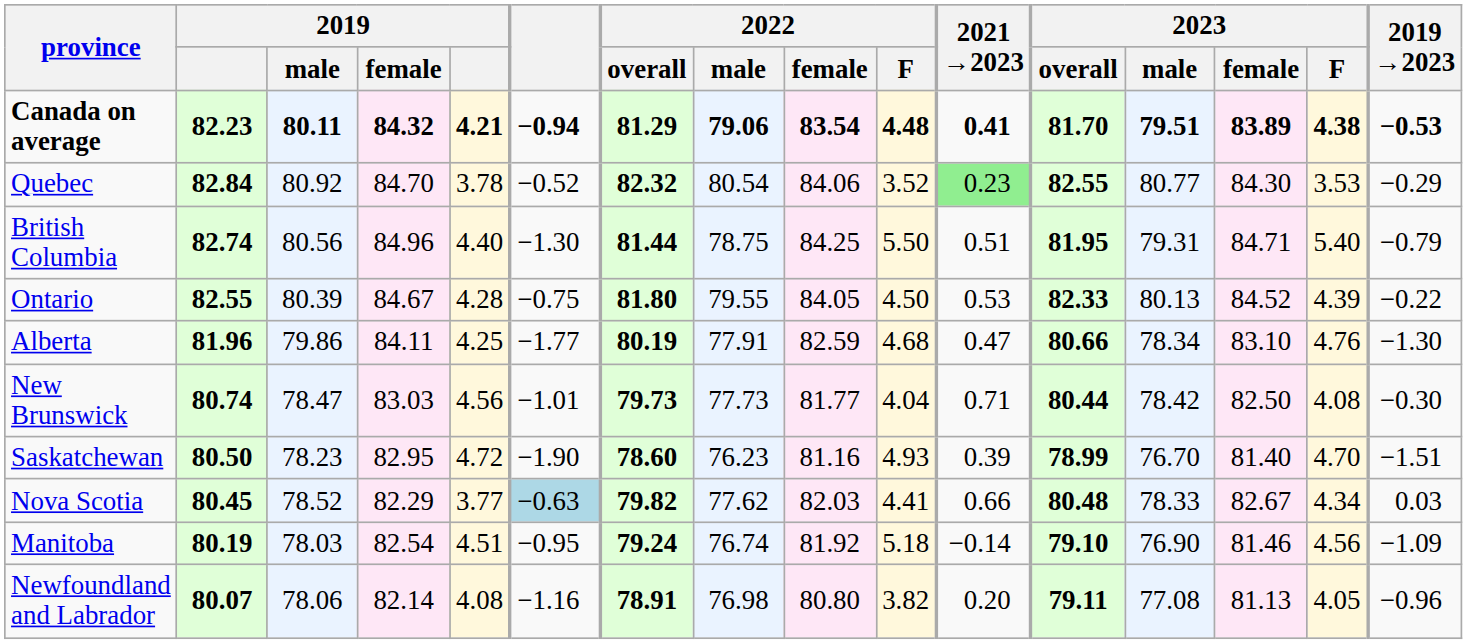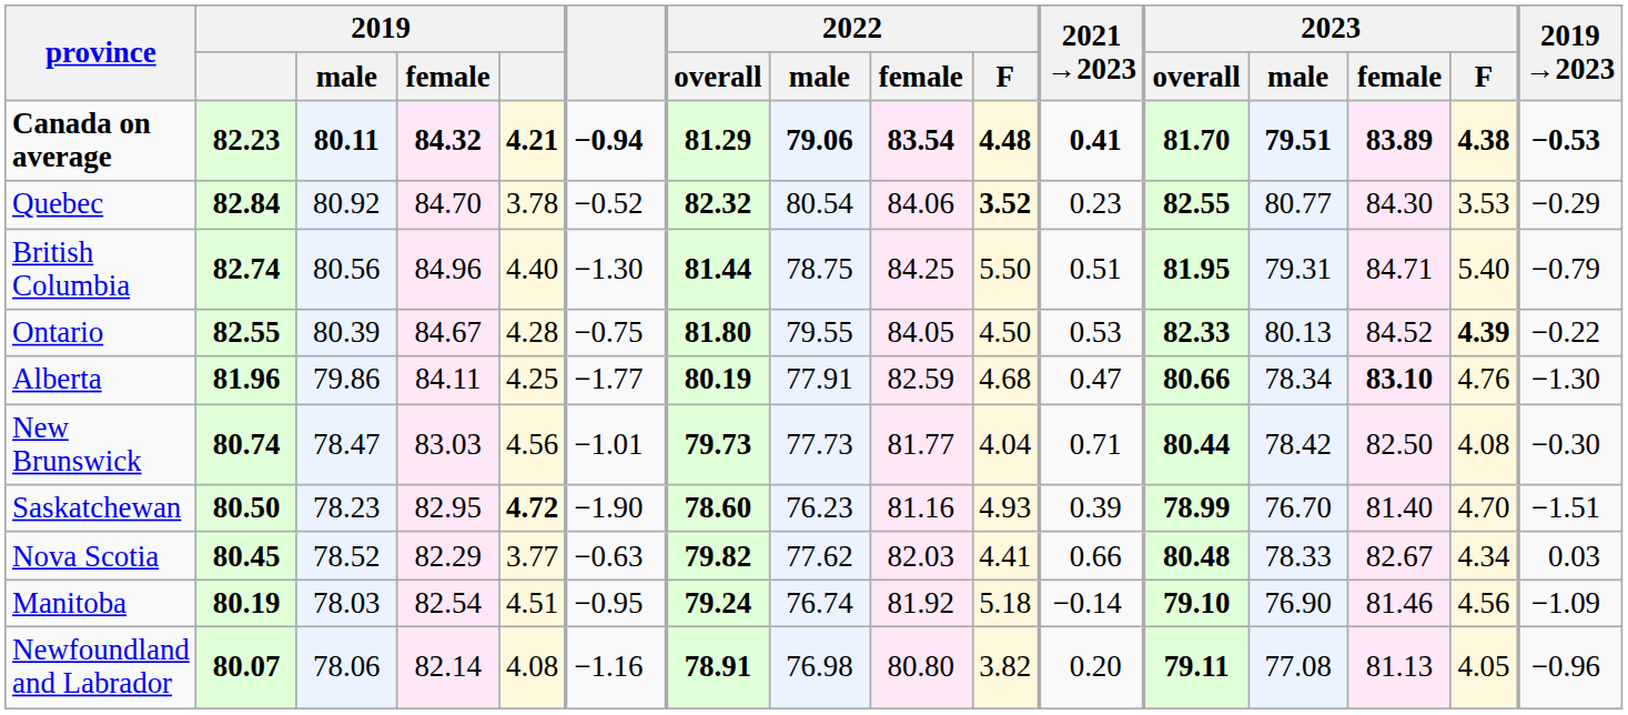 <table class="wikitable sortable static-row-numbers sort-under" style="text-align:right;">
 <tr class="static-row-header" style="text-align:center;vertical-align:bottom;">
 <th rowspan=2 style="vertical-align:middle;"><a href='#'>province</a></th>
 <th colspan=4>2019</th>
 <th rowspan=2 style="vertical-align:middle;border-left-width:2px;"></th>
 <th colspan=4 style="border-left-width:2px;">2022</th>
 <th rowspan=2 style="vertical-align:middle;border-left-width:2px;">2021<br>→2023</th>
 <th colspan=4 style="border-left-width:2px;">2023</th>
 <th rowspan=2 style="vertical-align:middle;border-left-width:2px;">2019<br>→2023</th>
 </tr>
 <tr class="static-row-header" style="text-align:center;vertical-align:bottom;">
 <th style="vertical-align:middle;width:3em;"></th>
 <th style="vertical-align:middle;width:3em;">male</th>
 <th style="vertical-align:middle;width:3em;">female</th>
 <th></th>
 <th style="vertical-align:middle;width:3em;border-left-width:2px;">overall</th>
 <th style="vertical-align:middle;width:3em;">male</th>
 <th style="vertical-align:middle;width:3em;">female</th>
 <th>F </th>
 <th style="vertical-align:middle;width:3em;border-left-width:2px;">overall</th>
 <th style="vertical-align:middle;width:3em;">male</th>
 <th style="vertical-align:middle;width:3em;">female</th>
 <th>F </th>
 </tr>
 <tr class=static-row-header>
 <td style="text-align:left;"><strong>Canada on average</strong></td>
 <td style="text-align:center;background:#e0ffd8;"><strong>82.23</strong></td>
 <td style="text-align:center;background:#eaf3ff;"><strong>80.11</strong></td>
 <td style="text-align:center;background:#fee7f6;"><strong>84.32</strong></td>
 <td style="text-align:center;background:#fff8dc;"><strong>4.21</strong></td>
 <td style="padding-right:1.5ex;border-left-width:2px;"><strong>−0.94</strong></td>
 <td style="text-align:center;background:#e0ffd8;border-left-width:2px;"><strong>81.29</strong></td>
 <td style="text-align:center;background:#eaf3ff;"><strong>79.06</strong></td>
 <td style="text-align:center;background:#fee7f6;"><strong>83.54</strong></td>
 <td style="text-align:center;background:#fff8dc;"><strong>4.48</strong></td>
 <td style="padding-right:1.5ex;border-left-width:2px;"><strong>0.41</strong></td>
 <td style="text-align:center;background:#e0ffd8;border-left-width:2px;"><strong>81.70</strong></td>
 <td style="text-align:center;background:#eaf3ff;"><strong>79.51</strong></td>
 <td style="text-align:center;background:#fee7f6;"><strong>83.89</strong></td>
 <td style="text-align:center;background:#fff8dc;"><strong>4.38</strong></td>
 <td style="padding-right:1.5ex;border-left-width:2px;"><strong>−0.53</strong></td>
 </tr>
 <tr>
 <td style="text-align:left;"><a href='#'>Quebec</a></td>
 <td style="text-align:center;background:#e0ffd8;"><strong>82.84</strong></td>
 <td style="text-align:center;background:#eaf3ff;">80.92</td>
 <td style="text-align:center;background:#fee7f6;">84.70</td>
 <td style="text-align:center;background:#fff8dc;">3.78</td>
 <td style="padding-right:1.5ex;border-left-width:2px;">−0.52</td>
 <td style="text-align:center;background:#e0ffd8;border-left-width:2px;"><strong>82.32</strong></td>
 <td style="text-align:center;background:#eaf3ff;">80.54</td>
 <td style="text-align:center;background:#fee7f6;">84.06</td>
-<td style="text-align:center;background:#fff8dc;">3.52</td>
-<td style="background: lightgreen; padding-right:1.5ex;border-left-width:2px;">0.23</td>
+<td style="text-align:center;background:#fff8dc;"><strong>3.52</strong></td>
+<td style="padding-right:1.5ex;border-left-width:2px;">0.23</td>
 <td style="text-align:center;background:#e0ffd8;border-left-width:2px;"><strong>82.55</strong></td>
 <td style="text-align:center;background:#eaf3ff;">80.77</td>
 <td style="text-align:center;background:#fee7f6;">84.30</td>
 <td style="text-align:center;background:#fff8dc;">3.53</td>
 <td style="padding-right:1.5ex;border-left-width:2px;">−0.29</td>
 </tr>
 <tr>
 <td style="text-align:left;"><a href='#'>British Columbia</a></td>
 <td style="text-align:center;background:#e0ffd8;"><strong>82.74</strong></td>
 <td style="text-align:center;background:#eaf3ff;">80.56</td>
 <td style="text-align:center;background:#fee7f6;">84.96</td>
 <td style="text-align:center;background:#fff8dc;">4.40</td>
 <td style="padding-right:1.5ex;border-left-width:2px;">−1.30</td>
 <td style="text-align:center;background:#e0ffd8;border-left-width:2px;"><strong>81.44</strong></td>
 <td style="text-align:center;background:#eaf3ff;">78.75</td>
 <td style="text-align:center;background:#fee7f6;">84.25</td>
 <td style="text-align:center;background:#fff8dc;">5.50</td>
 <td style="padding-right:1.5ex;border-left-width:2px;">0.51</td>
 <td style="text-align:center;background:#e0ffd8;border-left-width:2px;"><strong>81.95</strong></td>
 <td style="text-align:center;background:#eaf3ff;">79.31</td>
 <td style="text-align:center;background:#fee7f6;">84.71</td>
 <td style="text-align:center;background:#fff8dc;">5.40</td>
 <td style="padding-right:1.5ex;border-left-width:2px;">−0.79</td>
 </tr>
 <tr>
 <td style="text-align:left;"><a href='#'>Ontario</a></td>
 <td style="text-align:center;background:#e0ffd8;"><strong>82.55</strong></td>
 <td style="text-align:center;background:#eaf3ff;">80.39</td>
 <td style="text-align:center;background:#fee7f6;">84.67</td>
 <td style="text-align:center;background:#fff8dc;">4.28</td>
 <td style="padding-right:1.5ex;border-left-width:2px;">−0.75</td>
 <td style="text-align:center;background:#e0ffd8;border-left-width:2px;"><strong>81.80</strong></td>
 <td style="text-align:center;background:#eaf3ff;">79.55</td>
 <td style="text-align:center;background:#fee7f6;">84.05</td>
 <td style="text-align:center;background:#fff8dc;">4.50</td>
 <td style="padding-right:1.5ex;border-left-width:2px;">0.53</td>
 <td style="text-align:center;background:#e0ffd8;border-left-width:2px;"><strong>82.33</strong></td>
 <td style="text-align:center;background:#eaf3ff;">80.13</td>
 <td style="text-align:center;background:#fee7f6;">84.52</td>
-<td style="text-align:center;background:#fff8dc;">4.39</td>
+<td style="text-align:center;background:#fff8dc;"><strong>4.39</strong></td>
 <td style="padding-right:1.5ex;border-left-width:2px;">−0.22</td>
 </tr>
 <tr>
 <td style="text-align:left;"><a href='#'>Alberta</a></td>
 <td style="text-align:center;background:#e0ffd8;"><strong>81.96</strong></td>
 <td style="text-align:center;background:#eaf3ff;">79.86</td>
 <td style="text-align:center;background:#fee7f6;">84.11</td>
 <td style="text-align:center;background:#fff8dc;">4.25</td>
 <td style="padding-right:1.5ex;border-left-width:2px;">−1.77</td>
 <td style="text-align:center;background:#e0ffd8;border-left-width:2px;"><strong>80.19</strong></td>
 <td style="text-align:center;background:#eaf3ff;">77.91</td>
 <td style="text-align:center;background:#fee7f6;">82.59</td>
 <td style="text-align:center;background:#fff8dc;">4.68</td>
 <td style="padding-right:1.5ex;border-left-width:2px;">0.47</td>
 <td style="text-align:center;background:#e0ffd8;border-left-width:2px;"><strong>80.66</strong></td>
 <td style="text-align:center;background:#eaf3ff;">78.34</td>
-<td style="text-align:center;background:#fee7f6;">83.10</td>
+<td style="text-align:center;background:#fee7f6;"><strong>83.10</strong></td>
 <td style="text-align:center;background:#fff8dc;">4.76</td>
 <td style="padding-right:1.5ex;border-left-width:2px;">−1.30</td>
 </tr>
 <tr>
 <td style="text-align:left;"><a href='#'>New Brunswick</a></td>
 <td style="text-align:center;background:#e0ffd8;"><strong>80.74</strong></td>
 <td style="text-align:center;background:#eaf3ff;">78.47</td>
 <td style="text-align:center;background:#fee7f6;">83.03</td>
 <td style="text-align:center;background:#fff8dc;">4.56</td>
 <td style="padding-right:1.5ex;border-left-width:2px;">−1.01</td>
 <td style="text-align:center;background:#e0ffd8;border-left-width:2px;"><strong>79.73</strong></td>
 <td style="text-align:center;background:#eaf3ff;">77.73</td>
 <td style="text-align:center;background:#fee7f6;">81.77</td>
 <td style="text-align:center;background:#fff8dc;">4.04</td>
 <td style="padding-right:1.5ex;border-left-width:2px;">0.71</td>
 <td style="text-align:center;background:#e0ffd8;border-left-width:2px;"><strong>80.44</strong></td>
 <td style="text-align:center;background:#eaf3ff;">78.42</td>
 <td style="text-align:center;background:#fee7f6;">82.50</td>
 <td style="text-align:center;background:#fff8dc;">4.08</td>
 <td style="padding-right:1.5ex;border-left-width:2px;">−0.30</td>
 </tr>
 <tr>
 <td style="text-align:left;"><a href='#'>Saskatchewan</a></td>
 <td style="text-align:center;background:#e0ffd8;"><strong>80.50</strong></td>
 <td style="text-align:center;background:#eaf3ff;">78.23</td>
 <td style="text-align:center;background:#fee7f6;">82.95</td>
-<td style="text-align:center;background:#fff8dc;">4.72</td>
+<td style="text-align:center;background:#fff8dc;"><strong>4.72</strong></td>
 <td style="padding-right:1.5ex;border-left-width:2px;">−1.90</td>
 <td style="text-align:center;background:#e0ffd8;border-left-width:2px;"><strong>78.60</strong></td>
 <td style="text-align:center;background:#eaf3ff;">76.23</td>
 <td style="text-align:center;background:#fee7f6;">81.16</td>
 <td style="text-align:center;background:#fff8dc;">4.93</td>
 <td style="padding-right:1.5ex;border-left-width:2px;">0.39</td>
 <td style="text-align:center;background:#e0ffd8;border-left-width:2px;"><strong>78.99</strong></td>
 <td style="text-align:center;background:#eaf3ff;">76.70</td>
 <td style="text-align:center;background:#fee7f6;">81.40</td>
 <td style="text-align:center;background:#fff8dc;">4.70</td>
 <td style="padding-right:1.5ex;border-left-width:2px;">−1.51</td>
 </tr>
 <tr>
 <td style="text-align:left;"><a href='#'>Nova Scotia</a></td>
 <td style="text-align:center;background:#e0ffd8;"><strong>80.45</strong></td>
 <td style="text-align:center;background:#eaf3ff;">78.52</td>
 <td style="text-align:center;background:#fee7f6;">82.29</td>
 <td style="text-align:center;background:#fff8dc;">3.77</td>
-<td style="background: lightblue; padding-right:1.5ex;border-left-width:2px;">−0.63</td>
+<td style="padding-right:1.5ex;border-left-width:2px;">−0.63</td>
 <td style="text-align:center;background:#e0ffd8;border-left-width:2px;"><strong>79.82</strong></td>
 <td style="text-align:center;background:#eaf3ff;">77.62</td>
 <td style="text-align:center;background:#fee7f6;">82.03</td>
 <td style="text-align:center;background:#fff8dc;">4.41</td>
 <td style="padding-right:1.5ex;border-left-width:2px;">0.66</td>
 <td style="text-align:center;background:#e0ffd8;border-left-width:2px;"><strong>80.48</strong></td>
 <td style="text-align:center;background:#eaf3ff;">78.33</td>
 <td style="text-align:center;background:#fee7f6;">82.67</td>
 <td style="text-align:center;background:#fff8dc;">4.34</td>
 <td style="padding-right:1.5ex;border-left-width:2px;">0.03</td>
 </tr>
 <tr>
 <td style="text-align:left;"><a href='#'>Manitoba</a></td>
 <td style="text-align:center;background:#e0ffd8;"><strong>80.19</strong></td>
 <td style="text-align:center;background:#eaf3ff;">78.03</td>
 <td style="text-align:center;background:#fee7f6;">82.54</td>
 <td style="text-align:center;background:#fff8dc;">4.51</td>
 <td style="padding-right:1.5ex;border-left-width:2px;">−0.95</td>
 <td style="text-align:center;background:#e0ffd8;border-left-width:2px;"><strong>79.24</strong></td>
 <td style="text-align:center;background:#eaf3ff;">76.74</td>
 <td style="text-align:center;background:#fee7f6;">81.92</td>
 <td style="text-align:center;background:#fff8dc;">5.18</td>
 <td style="padding-right:1.5ex;border-left-width:2px;">−0.14</td>
 <td style="text-align:center;background:#e0ffd8;border-left-width:2px;"><strong>79.10</strong></td>
 <td style="text-align:center;background:#eaf3ff;">76.90</td>
 <td style="text-align:center;background:#fee7f6;">81.46</td>
 <td style="text-align:center;background:#fff8dc;">4.56</td>
 <td style="padding-right:1.5ex;border-left-width:2px;">−1.09</td>
 </tr>
 <tr>
 <td style="text-align:left;"><a href='#'>Newfoundland and Labrador</a></td>
 <td style="text-align:center;background:#e0ffd8;"><strong>80.07</strong></td>
 <td style="text-align:center;background:#eaf3ff;">78.06</td>
 <td style="text-align:center;background:#fee7f6;">82.14</td>
 <td style="text-align:center;background:#fff8dc;">4.08</td>
 <td style="padding-right:1.5ex;border-left-width:2px;">−1.16</td>
 <td style="text-align:center;background:#e0ffd8;border-left-width:2px;"><strong>78.91</strong></td>
 <td style="text-align:center;background:#eaf3ff;">76.98</td>
 <td style="text-align:center;background:#fee7f6;">80.80</td>
 <td style="text-align:center;background:#fff8dc;">3.82</td>
 <td style="padding-right:1.5ex;border-left-width:2px;">0.20</td>
 <td style="text-align:center;background:#e0ffd8;border-left-width:2px;"><strong>79.11</strong></td>
 <td style="text-align:center;background:#eaf3ff;">77.08</td>
 <td style="text-align:center;background:#fee7f6;">81.13</td>
 <td style="text-align:center;background:#fff8dc;">4.05</td>
 <td style="padding-right:1.5ex;border-left-width:2px;">−0.96</td>
 </tr>
 </table>
